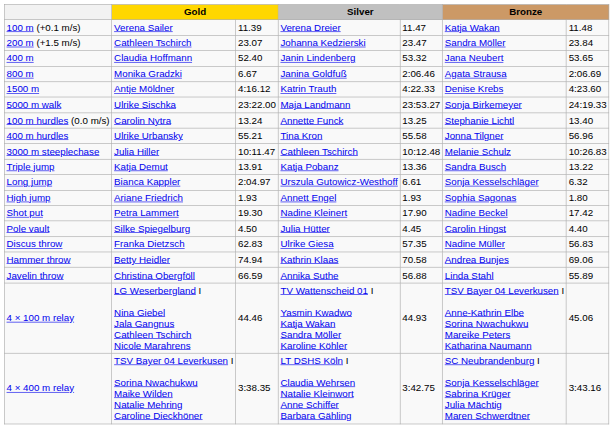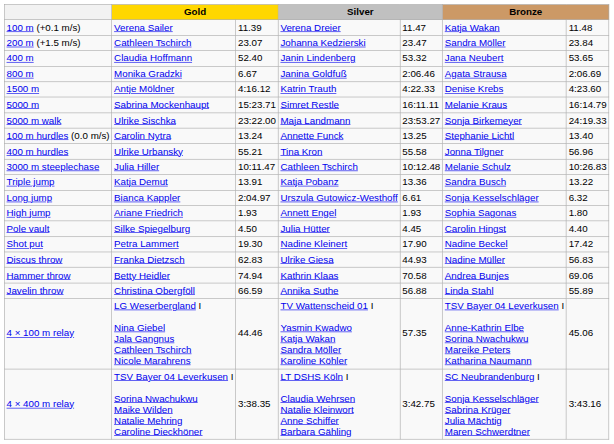 <table class="wikitable">
 <tr>
 <th></th>
 <th style="background:gold;" colspan=2>Gold</th>
 <th style="background:silver;" colspan=2>Silver</th>
 <th style="background:#CC9966;" colspan=2>Bronze</th>
 </tr>
 <tr>
 <td><a href='#'>100 m</a> (+0.1 m/s)</td>
 <td><a href='#'>Verena Sailer</a></td>
 <td>11.39</td>
 <td><a href='#'>Verena Dreier</a></td>
 <td>11.47</td>
 <td><a href='#'>Katja Wakan</a></td>
 <td>11.48 </td>
 </tr>
 <tr>
 <td><a href='#'>200 m</a> (+1.5 m/s)</td>
 <td><a href='#'>Cathleen Tschirch</a></td>
 <td>23.07</td>
 <td><a href='#'>Johanna Kedzierski</a></td>
 <td>23.47 </td>
 <td><a href='#'>Sandra Möller</a></td>
 <td>23.84</td>
 </tr>
 <tr>
 <td><a href='#'>400 m</a></td>
 <td><a href='#'>Claudia Hoffmann</a></td>
 <td>52.40</td>
 <td><a href='#'>Janin Lindenberg</a></td>
 <td>53.32</td>
 <td><a href='#'>Jana Neubert</a></td>
 <td>53.65</td>
 </tr>
 <tr>
 <td><a href='#'>800 m</a></td>
 <td><a href='#'>Monika Gradzki</a></td>
 <td>6.67</td>
 <td><a href='#'>Janina Goldfuß</a></td>
 <td>2:06.46</td>
 <td><a href='#'>Agata Strausa</a></td>
 <td>2:06.69</td>
 </tr>
 <tr>
 <td><a href='#'>1500 m</a></td>
 <td><a href='#'>Antje Möldner</a></td>
 <td>4:16.12</td>
 <td><a href='#'>Katrin Trauth</a></td>
 <td>4:22.33</td>
 <td><a href='#'>Denise Krebs</a></td>
 <td>4:23.60</td>
+</tr>
+<tr>
+<td><a href='#'>5000 m</a></td>
+<td><a href='#'>Sabrina Mockenhaupt</a></td>
+<td>15:23.71</td>
+<td><a href='#'>Simret Restle</a></td>
+<td>16:11.11</td>
+<td><a href='#'>Melanie Kraus</a></td>
+<td>16:14.79</td>
 </tr>
 <tr>
 <td><a href='#'>5000 m walk</a></td>
 <td><a href='#'>Ulrike Sischka</a></td>
 <td>23:22.00</td>
 <td><a href='#'>Maja Landmann</a></td>
 <td>23:53.27</td>
 <td><a href='#'>Sonja Birkemeyer</a></td>
 <td>24:19.33</td>
 </tr>
 <tr>
 <td><a href='#'>100 m hurdles</a> (0.0 m/s)</td>
 <td><a href='#'>Carolin Nytra</a></td>
 <td>13.24</td>
 <td><a href='#'>Annette Funck</a></td>
 <td>13.25</td>
 <td><a href='#'>Stephanie Lichtl</a></td>
 <td>13.40</td>
 </tr>
 <tr>
 <td><a href='#'>400 m hurdles</a></td>
 <td><a href='#'>Ulrike Urbansky</a></td>
 <td>55.21 </td>
 <td><a href='#'>Tina Kron</a></td>
 <td>55.58</td>
 <td><a href='#'>Jonna Tilgner</a></td>
 <td>56.96</td>
 </tr>
 <tr>
 <td><a href='#'>3000 m steeplechase</a></td>
 <td><a href='#'>Julia Hiller</a></td>
 <td>10:11.47</td>
 <td><a href='#'>Cathleen Tschirch</a></td>
 <td>10:12.48</td>
 <td><a href='#'>Melanie Schulz</a></td>
 <td>10:26.83</td>
 </tr>
 <tr>
 <td><a href='#'>Triple jump</a></td>
 <td><a href='#'>Katja Demut</a></td>
 <td>13.91</td>
 <td><a href='#'>Katja Pobanz</a></td>
 <td>13.36</td>
 <td><a href='#'>Sandra Busch</a></td>
 <td>13.22</td>
 </tr>
 <tr>
 <td><a href='#'>Long jump</a></td>
 <td><a href='#'>Bianca Kappler</a></td>
 <td>2:04.97</td>
 <td><a href='#'>Urszula Gutowicz-Westhoff</a></td>
 <td>6.61</td>
 <td><a href='#'>Sonja Kesselschläger</a></td>
 <td>6.32 </td>
 </tr>
 <tr>
 <td><a href='#'>High jump</a></td>
 <td><a href='#'>Ariane Friedrich</a></td>
 <td>1.93</td>
 <td><a href='#'>Annett Engel</a></td>
 <td>1.93</td>
 <td><a href='#'>Sophia Sagonas</a></td>
 <td>1.80</td>
 </tr>
 <tr>
+<td><a href='#'>Pole vault</a></td>
+<td><a href='#'>Silke Spiegelburg</a></td>
+<td>4.50</td>
+<td><a href='#'>Julia Hütter</a></td>
+<td>4.45</td>
+<td><a href='#'>Carolin Hingst</a></td>
+<td>4.40</td>
+</tr>
+<tr>
 <td><a href='#'>Shot put</a></td>
 <td><a href='#'>Petra Lammert</a></td>
 <td>19.30</td>
 <td><a href='#'>Nadine Kleinert</a></td>
 <td>17.90</td>
 <td><a href='#'>Nadine Beckel</a></td>
 <td>17.42</td>
 </tr>
 <tr>
-<td><a href='#'>Pole vault</a></td>
-<td><a href='#'>Silke Spiegelburg</a></td>
-<td>4.50</td>
-<td><a href='#'>Julia Hütter</a></td>
-<td>4.45</td>
-<td><a href='#'>Carolin Hingst</a></td>
-<td>4.40</td>
-</tr>
-<tr>
 <td><a href='#'>Discus throw</a></td>
 <td><a href='#'>Franka Dietzsch</a></td>
 <td>62.83</td>
 <td><a href='#'>Ulrike Giesa</a></td>
-<td>57.35</td>
+<td>44.93</td>
 <td><a href='#'>Nadine Müller</a></td>
 <td>56.83</td>
 </tr>
 <tr>
 <td><a href='#'>Hammer throw</a></td>
 <td><a href='#'>Betty Heidler</a></td>
 <td>74.94 </td>
 <td><a href='#'>Kathrin Klaas</a></td>
 <td>70.58</td>
 <td><a href='#'>Andrea Bunjes</a></td>
 <td>69.06</td>
 </tr>
 <tr>
 <td><a href='#'>Javelin throw</a></td>
 <td><a href='#'>Christina Obergföll</a></td>
 <td>66.59</td>
 <td><a href='#'>Annika Suthe</a></td>
 <td>56.88</td>
 <td><a href='#'>Linda Stahl</a></td>
 <td>55.89</td>
 </tr>
 <tr>
 <td><a href='#'>4 × 100 m relay</a></td>
 <td><a href='#'>LG Weserbergland</a> I <br><br><a href='#'>Nina Giebel</a> <br> <a href='#'>Jala Gangnus</a> <br> <a href='#'>Cathleen Tschirch</a> <br> <a href='#'>Nicole Marahrens</a></td>
 <td>44.46</td>
 <td><a href='#'>TV Wattenscheid 01</a> I <br><br><a href='#'>Yasmin Kwadwo</a> <br> <a href='#'>Katja Wakan</a> <br> <a href='#'>Sandra Möller</a> <br> <a href='#'>Karoline Köhler</a></td>
-<td>44.93</td>
+<td>57.35</td>
 <td><a href='#'>TSV Bayer 04 Leverkusen</a> I <br><br><a href='#'>Anne-Kathrin Elbe</a> <br> <a href='#'>Sorina Nwachukwu</a> <br> <a href='#'>Mareike Peters</a> <br> <a href='#'>Katharina Naumann</a></td>
 <td>45.06</td>
 </tr>
 <tr>
 <td><a href='#'>4 × 400 m relay</a></td>
 <td><a href='#'>TSV Bayer 04 Leverkusen</a> I <br><br><a href='#'>Sorina Nwachukwu</a> <br> <a href='#'>Maike Wilden</a> <br> <a href='#'>Natalie Mehring</a> <br> <a href='#'>Caroline Dieckhöner</a></td>
 <td>3:38.35</td>
 <td><a href='#'>LT DSHS Köln</a> I <br><br><a href='#'>Claudia Wehrsen</a> <br> <a href='#'>Natalie Kleinwort</a> <br> <a href='#'>Anne Schiffer</a> <br> <a href='#'>Barbara Gähling</a></td>
 <td>3:42.75</td>
 <td><a href='#'>SC Neubrandenburg</a> I <br><br><a href='#'>Sonja Kesselschläger</a> <br> <a href='#'>Sabrina Krüger</a> <br> <a href='#'>Julia Mächtig</a> <br> <a href='#'>Maren Schwerdtner</a></td>
 <td>3:43.16</td>
 </tr>
 </table>
